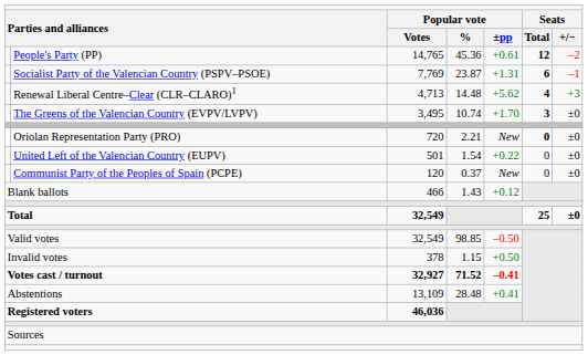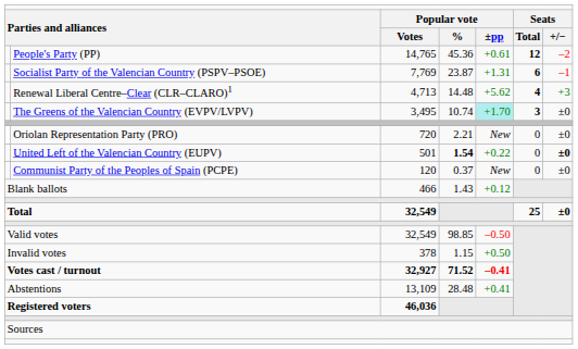 <table class="wikitable" style="text-align:right;">
 <tr>
 <td colspan="7"></td>
 </tr>
 <tr>
 <th style="text-align:left;" rowspan="2" colspan="2" width="525">Parties and alliances</th>
 <th colspan="3">Popular vote</th>
 <th colspan="2">Seats</th>
 </tr>
 <tr>
 <th width="75">Votes</th>
 <th width="45">%</th>
 <th width="45">±<a href='#'>pp</a></th>
 <th width="35">Total</th>
 <th width="35">+/−</th>
 </tr>
 <tr>
 <td width="1" style="color:inherit;background:"></td>
 <td align="left"><a href='#'>People's Party</a> (PP)</td>
 <td>14,765</td>
 <td>45.36</td>
 <td style="color:green;">+0.61</td>
 <td><strong>12</strong></td>
 <td style="color:red;">–2</td>
 </tr>
 <tr>
 <td style="color:inherit;background:"></td>
 <td align="left"><a href='#'>Socialist Party of the Valencian Country</a> (PSPV–PSOE)</td>
 <td>7,769</td>
 <td>23.87</td>
 <td style="color:green;">+1.31</td>
 <td><strong>6</strong></td>
 <td style="color:red;">–1</td>
 </tr>
 <tr>
 <td style="color:inherit;background:"></td>
 <td align="left">Renewal Liberal Centre–<a href='#'>Clear</a> (CLR–CLARO)<sup>1</sup></td>
 <td>4,713</td>
 <td>14.48</td>
 <td style="color:green;">+5.62</td>
 <td><strong>4</strong></td>
 <td style="color:green;">+3</td>
 </tr>
 <tr>
 <td style="color:inherit;background:"></td>
 <td align="left"><a href='#'>The Greens of the Valencian Country</a> (EVPV/LVPV)</td>
 <td>3,495</td>
 <td>10.74</td>
-<td style="color:green;">+1.70</td>
+<td style="background: paleturquoise; color:green;">+1.70</td>
 <td><strong>3</strong></td>
 <td>±0</td>
 </tr>
 <tr>
 <td colspan="7" bgcolor="#C0C0C0"></td>
 </tr>
 <tr>
 <td bgcolor="white"></td>
 <td align="left">Oriolan Representation Party (PRO)</td>
 <td>720</td>
 <td>2.21</td>
 <td><em>New</em></td>
-<td><strong>0</strong></td>
+<td>0</td>
 <td>±0</td>
 </tr>
 <tr>
 <td style="color:inherit;background:"></td>
 <td align="left"><a href='#'>United Left of the Valencian Country</a> (EUPV)</td>
 <td>501</td>
-<td>1.54</td>
+<td><strong>1.54</strong></td>
 <td style="color:green;">+0.22</td>
 <td>0</td>
-<td>±0</td>
+<td><strong>±0</strong></td>
 </tr>
 <tr>
 <td style="color:inherit;background:"></td>
 <td align="left"><a href='#'>Communist Party of the Peoples of Spain</a> (PCPE)</td>
 <td>120</td>
 <td>0.37</td>
 <td><em>New</em></td>
 <td>0</td>
 <td>±0</td>
 </tr>
 <tr>
 <td align="left" colspan="2">Blank ballots</td>
 <td>466</td>
 <td>1.43</td>
 <td style="color:green;">+0.12</td>
 <td bgcolor="#E9E9E9" colspan="2"></td>
 </tr>
 <tr>
 <td colspan="7" bgcolor="#E9E9E9"></td>
 </tr>
 <tr style="font-weight:bold;">
 <td align="left" colspan="2">Total</td>
 <td>32,549</td>
 <td bgcolor="#E9E9E9" colspan="2"></td>
 <td>25</td>
 <td>±0</td>
 </tr>
 <tr>
 <td colspan="7" bgcolor="#E9E9E9"></td>
 </tr>
 <tr>
 <td align="left" colspan="2">Valid votes</td>
 <td>32,549</td>
 <td>98.85</td>
 <td style="color:red;">–0.50</td>
 <td bgcolor="#E9E9E9" colspan="2" rowspan="5"></td>
 </tr>
 <tr>
 <td align="left" colspan="2">Invalid votes</td>
 <td>378</td>
 <td>1.15</td>
 <td style="color:green;">+0.50</td>
 </tr>
 <tr style="font-weight:bold;">
 <td align="left" colspan="2">Votes cast / turnout</td>
 <td>32,927</td>
 <td>71.52</td>
 <td style="color:red;">–0.41</td>
 </tr>
 <tr>
 <td align="left" colspan="2">Abstentions</td>
 <td>13,109</td>
 <td>28.48</td>
 <td style="color:green;">+0.41</td>
 </tr>
 <tr style="font-weight:bold;">
 <td align="left" colspan="2">Registered voters</td>
 <td>46,036</td>
 <td bgcolor="#E9E9E9" colspan="2"></td>
 </tr>
 <tr>
 <td colspan="7" bgcolor="#E9E9E9"></td>
 </tr>
 <tr>
 <td align="left" colspan="7">Sources</td>
 </tr>
 <tr>
 <td colspan="7" style="text-align:left; max-width:790px;"></td>
 </tr>
 </table>
